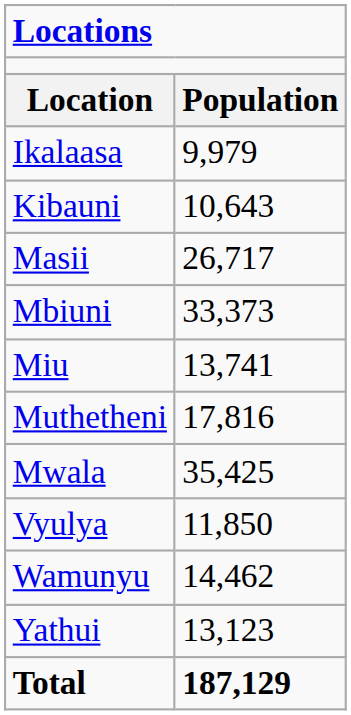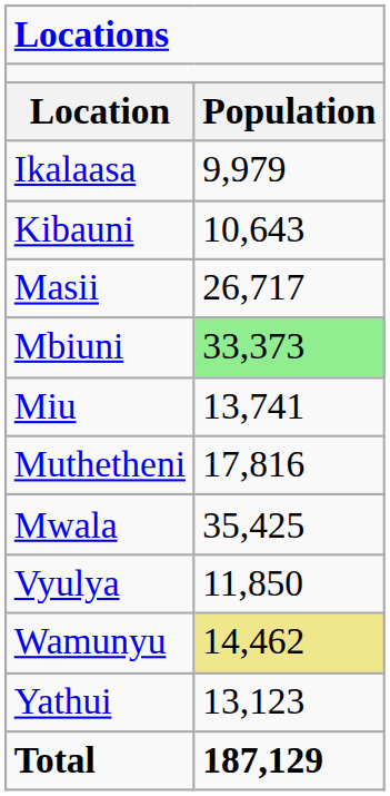 <table class="wikitable">
 <tr>
 <td colspan="2"><strong><a href='#'>Locations</a></strong></td>
 </tr>
 <tr>
 <td colspan="2"></td>
 </tr>
 <tr>
 <th>Location</th>
 <th>Population</th>
 </tr>
 <tr>
 <td><a href='#'>Ikalaasa</a></td>
 <td>9,979</td>
 </tr>
 <tr>
 <td><a href='#'>Kibauni</a></td>
 <td>10,643</td>
 </tr>
 <tr>
 <td><a href='#'>Masii</a></td>
 <td>26,717</td>
 </tr>
 <tr>
 <td><a href='#'>Mbiuni</a></td>
-<td>33,373</td>
+<td style="background: lightgreen;">33,373</td>
 </tr>
 <tr>
 <td><a href='#'>Miu</a></td>
 <td>13,741</td>
 </tr>
 <tr>
 <td><a href='#'>Muthetheni</a></td>
 <td>17,816</td>
 </tr>
 <tr>
 <td><a href='#'>Mwala</a></td>
 <td>35,425</td>
 </tr>
 <tr>
 <td><a href='#'>Vyulya</a></td>
 <td>11,850</td>
 </tr>
 <tr>
 <td><a href='#'>Wamunyu</a></td>
-<td>14,462</td>
+<td style="background: khaki;">14,462</td>
 </tr>
 <tr>
 <td><a href='#'>Yathui</a></td>
 <td>13,123</td>
 </tr>
 <tr>
 <td><strong>Total</strong></td>
 <td><strong>187,129</strong></td>
 </tr>
 </table>
